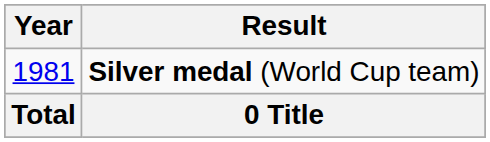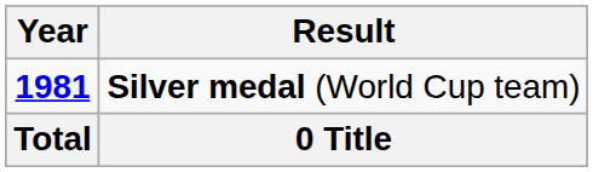 <table class="wikitable" style="text-align: center;">
 <tr>
 <th>Year</th>
 <th>Result</th>
 </tr>
 <tr>
-<td><a href='#'>1981</a></td>
+<td><strong><a href='#'>1981</a></strong></td>
 <td style="text-align:left;"><strong> Silver medal</strong> (World Cup team)</td>
 </tr>
 <tr>
 <th>Total</th>
 <th>0 Title</th>
 </tr>
 </table>
